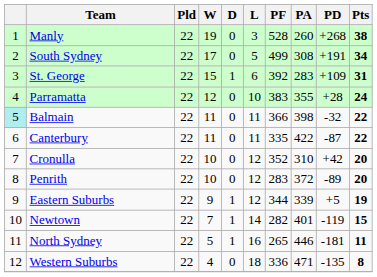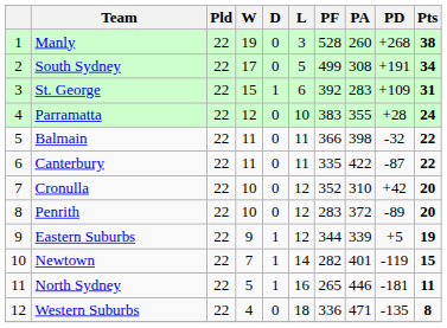 <table class="wikitable" style="text-align:center;">
 <tr>
 <th width=20 abbr="Position×"></th>
 <th width=175>Team</th>
 <th width=20 abbr="Played">Pld</th>
 <th width=20 abbr="Won">W</th>
 <th width=20 abbr="Drawn">D</th>
 <th width=20 abbr="Lost">L</th>
 <th width=20 abbr="Points for">PF</th>
 <th width=20 abbr="Points against">PA</th>
 <th width=20 abbr="Points difference">PD</th>
 <th width=20 abbr="Points">Pts</th>
 </tr>
 <tr style="background: #ccffcc;">
 <td>1</td>
 <td style="text-align:left;"> <a href='#'>Manly</a></td>
 <td>22</td>
 <td>19</td>
 <td>0</td>
 <td>3</td>
 <td>528</td>
 <td>260</td>
 <td>+268</td>
 <td><strong>38</strong></td>
 </tr>
 <tr style="background: #ccffcc;">
 <td>2</td>
 <td style="text-align:left;"> <a href='#'>South Sydney</a></td>
 <td>22</td>
 <td>17</td>
 <td>0</td>
 <td>5</td>
 <td>499</td>
 <td>308</td>
 <td>+191</td>
 <td><strong>34</strong></td>
 </tr>
 <tr style="background: #ccffcc;">
 <td>3</td>
 <td style="text-align:left;"> <a href='#'>St. George</a></td>
 <td>22</td>
 <td>15</td>
 <td>1</td>
 <td>6</td>
 <td>392</td>
 <td>283</td>
 <td>+109</td>
 <td><strong>31</strong></td>
 </tr>
 <tr style="background: #ccffcc;">
 <td>4</td>
 <td style="text-align:left;"> <a href='#'>Parramatta</a></td>
 <td>22</td>
 <td>12</td>
 <td>0</td>
 <td>10</td>
 <td>383</td>
 <td>355</td>
 <td>+28</td>
 <td><strong>24</strong></td>
 </tr>
 <tr>
-<td style="background: paleturquoise;">5</td>
+<td>5</td>
 <td style="text-align:left;"> <a href='#'>Balmain</a></td>
 <td>22</td>
 <td>11</td>
 <td>0</td>
 <td>11</td>
 <td>366</td>
 <td>398</td>
 <td>-32</td>
 <td><strong>22</strong></td>
 </tr>
 <tr>
 <td>6</td>
 <td style="text-align:left;"> <a href='#'>Canterbury</a></td>
 <td>22</td>
 <td>11</td>
 <td>0</td>
 <td>11</td>
 <td>335</td>
 <td>422</td>
 <td>-87</td>
 <td><strong>22</strong></td>
 </tr>
 <tr>
 <td>7</td>
 <td style="text-align:left;"> <a href='#'>Cronulla</a></td>
 <td>22</td>
 <td>10</td>
 <td>0</td>
 <td>12</td>
 <td>352</td>
 <td>310</td>
 <td>+42</td>
 <td><strong>20</strong></td>
 </tr>
 <tr>
 <td>8</td>
 <td style="text-align:left;"> <a href='#'>Penrith</a></td>
 <td>22</td>
 <td>10</td>
 <td>0</td>
 <td>12</td>
 <td>283</td>
 <td>372</td>
 <td>-89</td>
 <td><strong>20</strong></td>
 </tr>
 <tr>
 <td>9</td>
 <td style="text-align:left;"> <a href='#'>Eastern Suburbs</a></td>
 <td>22</td>
 <td>9</td>
 <td>1</td>
 <td>12</td>
 <td>344</td>
 <td>339</td>
 <td>+5</td>
 <td><strong>19</strong></td>
 </tr>
 <tr>
 <td>10</td>
 <td style="text-align:left;"> <a href='#'>Newtown</a></td>
 <td>22</td>
 <td>7</td>
 <td>1</td>
 <td>14</td>
 <td>282</td>
 <td>401</td>
 <td>-119</td>
 <td><strong>15</strong></td>
 </tr>
 <tr>
 <td>11</td>
 <td style="text-align:left;"> <a href='#'>North Sydney</a></td>
 <td>22</td>
 <td>5</td>
 <td>1</td>
 <td>16</td>
 <td>265</td>
 <td>446</td>
 <td>-181</td>
 <td><strong>11</strong></td>
 </tr>
 <tr>
 <td>12</td>
 <td style="text-align:left;"> <a href='#'>Western Suburbs</a></td>
 <td>22</td>
 <td>4</td>
 <td>0</td>
 <td>18</td>
 <td>336</td>
 <td>471</td>
 <td>-135</td>
 <td><strong>8</strong></td>
 </tr>
 <tr>
 </tr>
 </table>
